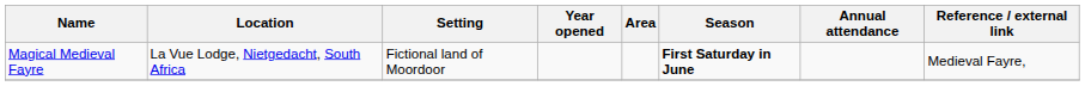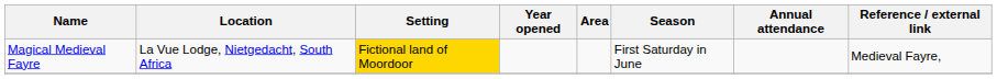 <table class="wikitable sortable">
 <tr>
 <th>Name</th>
 <th>Location</th>
 <th>Setting</th>
 <th>Year opened</th>
 <th>Area</th>
 <th>Season</th>
 <th>Annual attendance</th>
 <th>Reference / external link</th>
 </tr>
 <tr>
 <td><a href='#'>Magical Medieval Fayre</a></td>
 <td>La Vue Lodge, <a href='#'>Nietgedacht</a>, <a href='#'>South Africa</a></td>
-<td>Fictional land of Moordoor</td>
+<td style="background: gold;">Fictional land of Moordoor</td>
 <td></td>
 <td></td>
-<td><strong>First Saturday in June</strong></td>
+<td>First Saturday in June</td>
 <td></td>
 <td>Medieval Fayre, </td>
 </tr>
 <tr>
 </tr>
 </table>
